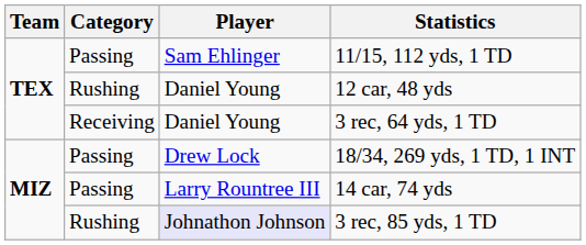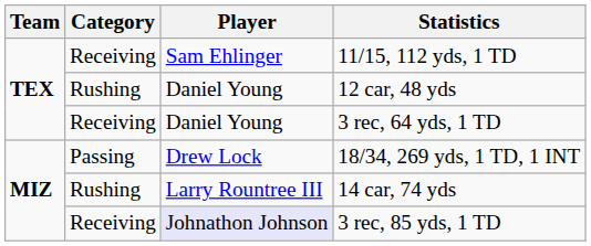 <table class="wikitable">
 <tr>
 <th>Team</th>
 <th>Category</th>
 <th>Player</th>
 <th>Statistics</th>
 </tr>
 <tr>
 <td rowspan=3><strong>TEX</strong></td>
-<td>Passing</td>
+<td>Receiving</td>
 <td><a href='#'>Sam Ehlinger</a></td>
 <td>11/15, 112 yds, 1 TD</td>
 </tr>
 <tr>
 <td>Rushing</td>
 <td>Daniel Young</td>
 <td>12 car, 48 yds</td>
 </tr>
 <tr>
 <td>Receiving</td>
 <td>Daniel Young</td>
 <td>3 rec, 64 yds, 1 TD</td>
 </tr>
 <tr>
 <td rowspan=3><strong>MIZ</strong></td>
 <td>Passing</td>
 <td><a href='#'>Drew Lock</a></td>
 <td>18/34, 269 yds, 1 TD, 1 INT</td>
 </tr>
 <tr>
-<td>Passing</td>
+<td>Rushing</td>
 <td><a href='#'>Larry Rountree III</a></td>
 <td>14 car, 74 yds</td>
 </tr>
 <tr>
-<td>Rushing</td>
+<td>Receiving</td>
 <td style="background: lavender;">Johnathon Johnson</td>
 <td>3 rec, 85 yds, 1 TD</td>
 </tr>
 </table>
